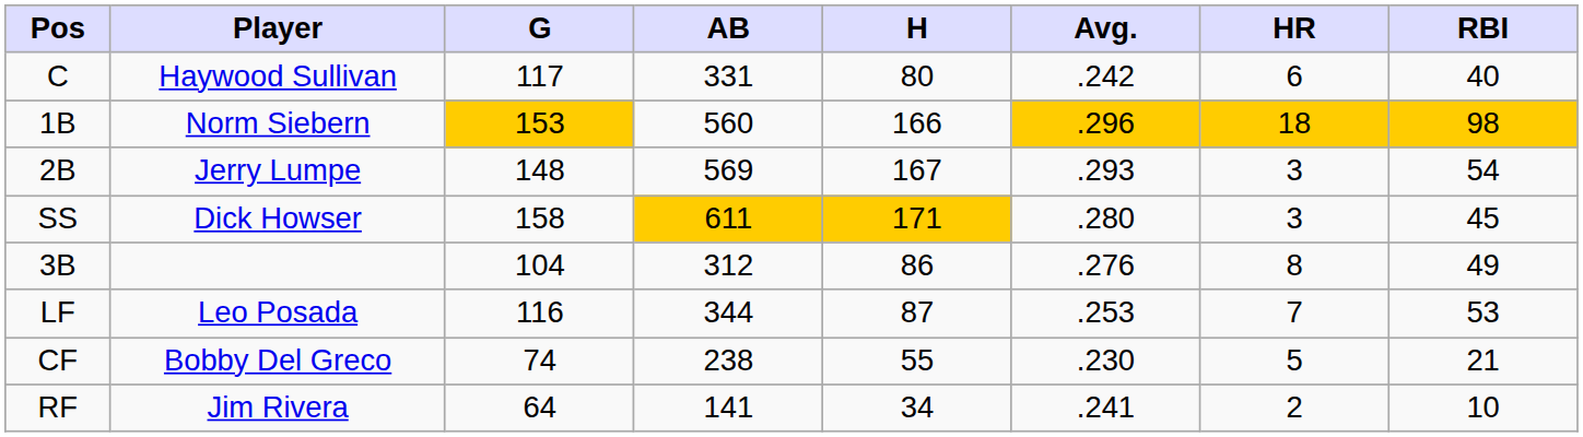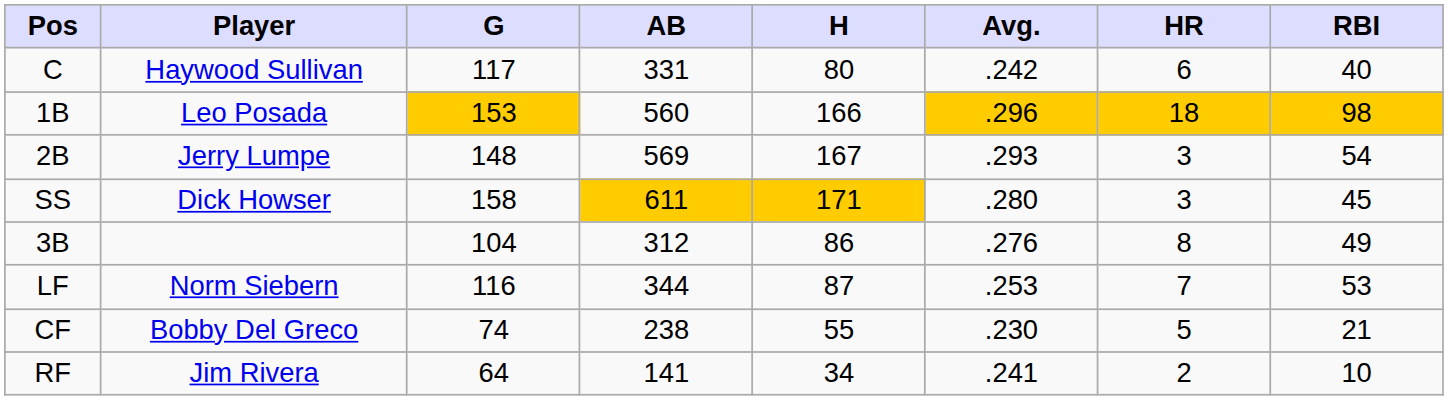 <table class="wikitable sortable">
 <tr>
 <th style="background:#ddf; width:5%;">Pos</th>
 <th style="background:#ddf; width:16%;">Player</th>
 <th style="background:#ddf; width:9%;">G</th>
 <th style="background:#ddf; width:9%;">AB</th>
 <th style="background:#ddf; width:9%;">H</th>
 <th style="background:#ddf; width:9%;">Avg.</th>
 <th style="background:#ddf; width:9%;">HR</th>
 <th style="background:#ddf; width:9%;">RBI</th>
 </tr>
 <tr style="text-align:center;">
 <td>C</td>
 <td><a href='#'>Haywood Sullivan</a></td>
 <td>117</td>
 <td>331</td>
 <td>80</td>
 <td>.242</td>
 <td>6</td>
 <td>40</td>
 </tr>
 <tr align="center">
 <td>1B</td>
-<td><a href='#'>Norm Siebern</a></td>
+<td><a href='#'>Leo Posada</a></td>
 <td style="background:#fc0;">153</td>
 <td>560</td>
 <td>166</td>
 <td style="background:#fc0;">.296</td>
 <td style="background:#fc0;">18</td>
 <td style="background:#fc0;">98</td>
 </tr>
 <tr align="center">
 <td>2B</td>
 <td><a href='#'>Jerry Lumpe</a></td>
 <td>148</td>
 <td>569</td>
 <td>167</td>
 <td>.293</td>
 <td>3</td>
 <td>54</td>
 </tr>
 <tr align="center">
 <td>SS</td>
 <td><a href='#'>Dick Howser</a></td>
 <td>158</td>
 <td style="background:#fc0;">611</td>
 <td style="background:#fc0;">171</td>
 <td>.280</td>
 <td>3</td>
 <td>45</td>
 </tr>
 <tr align="center">
 <td>3B</td>
 <td></td>
 <td>104</td>
 <td>312</td>
 <td>86</td>
 <td>.276</td>
 <td>8</td>
 <td>49</td>
 </tr>
 <tr align="center">
 <td>LF</td>
-<td><a href='#'>Leo Posada</a></td>
+<td><a href='#'>Norm Siebern</a></td>
 <td>116</td>
 <td>344</td>
 <td>87</td>
 <td>.253</td>
 <td>7</td>
 <td>53</td>
 </tr>
 <tr align="center">
 <td>CF</td>
 <td><a href='#'>Bobby Del Greco</a></td>
 <td>74</td>
 <td>238</td>
 <td>55</td>
 <td>.230</td>
 <td>5</td>
 <td>21</td>
 </tr>
 <tr align="center">
 <td>RF</td>
 <td><a href='#'>Jim Rivera</a></td>
 <td>64</td>
 <td>141</td>
 <td>34</td>
 <td>.241</td>
 <td>2</td>
 <td>10</td>
 </tr>
 </table>
